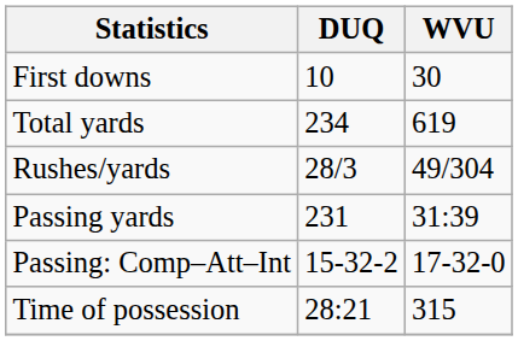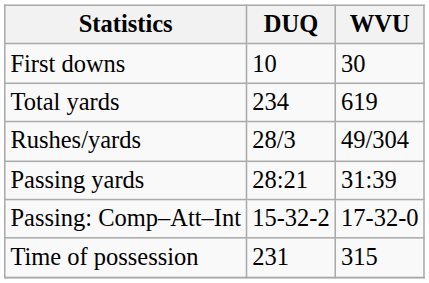 <table class="wikitable" style="float: left;">
 <tr>
 <th>Statistics</th>
 <th>DUQ</th>
 <th>WVU</th>
 </tr>
 <tr>
 <td>First downs</td>
 <td>10</td>
 <td>30</td>
 </tr>
 <tr>
 <td>Total yards</td>
 <td>234</td>
 <td>619</td>
 </tr>
 <tr>
 <td>Rushes/yards</td>
 <td>28/3</td>
 <td>49/304</td>
 </tr>
 <tr>
 <td>Passing yards</td>
-<td>231</td>
+<td>28:21</td>
 <td>31:39</td>
 </tr>
 <tr>
 <td>Passing: Comp–Att–Int</td>
 <td>15-32-2</td>
 <td>17-32-0</td>
 </tr>
 <tr>
 <td>Time of possession</td>
-<td>28:21</td>
+<td>231</td>
 <td>315</td>
 </tr>
 <tr>
 </tr>
 </table>
